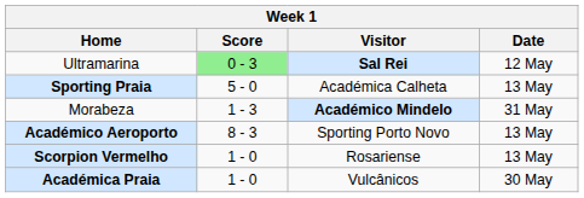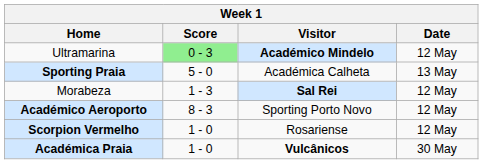 <table class="wikitable" style="font-size:95%; text-align: center; width: 95%;">
 <tr>
 <th colspan="12" style="with: 100%;" align=center>Week 1</th>
 </tr>
 <tr>
 <th width="200">Home</th>
 <th width="90">Score</th>
 <th width="200">Visitor</th>
 <th width="100">Date</th>
 </tr>
 <tr align=center>
 <td>Ultramarina</td>
 <td style="background: lightgreen;">0 - 3</td>
-<td bgcolor=#D0E7FF><strong>Sal Rei</strong></td>
+<td bgcolor=#D0E7FF><strong>Académico Mindelo</strong></td>
 <td>12 May</td>
 </tr>
 <tr align=center>
 <td bgcolor=#D0E7FF><strong>Sporting Praia</strong></td>
 <td>5 - 0</td>
 <td>Académica Calheta</td>
 <td>13 May</td>
 </tr>
 <tr align=center>
 <td>Morabeza</td>
 <td>1 - 3</td>
-<td bgcolor=#D0E7FF><strong>Académico Mindelo</strong></td>
-<td>31 May</td>
+<td bgcolor=#D0E7FF><strong>Sal Rei</strong></td>
+<td>12 May</td>
 </tr>
 <tr align=center>
 <td bgcolor=#D0E7FF><strong>Académico Aeroporto</strong></td>
 <td>8 - 3</td>
 <td>Sporting Porto Novo</td>
-<td>13 May</td>
+<td>12 May</td>
 </tr>
 <tr align=center>
 <td bgcolor=#D0E7FF><strong>Scorpion Vermelho</strong></td>
 <td>1 - 0</td>
 <td>Rosariense</td>
-<td>13 May</td>
+<td>12 May</td>
 </tr>
 <tr align=center>
 <td bgcolor=#D0E7FF><strong>Académica Praia</strong></td>
 <td>1 - 0</td>
-<td>Vulcânicos</td>
+<td><strong>Vulcânicos</strong></td>
 <td>30 May</td>
 </tr>
 </table>
